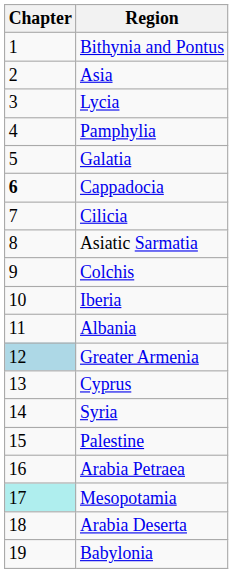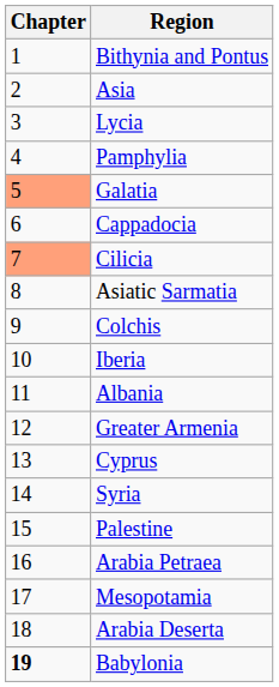 <table class="wikitable">
 <tr>
 <th>Chapter</th>
 <th>Region</th>
 </tr>
 <tr>
 <td>1</td>
 <td><a href='#'>Bithynia and Pontus</a></td>
 </tr>
 <tr>
 <td>2</td>
 <td><a href='#'>Asia</a></td>
 </tr>
 <tr>
 <td>3</td>
 <td><a href='#'>Lycia</a></td>
 </tr>
 <tr>
 <td>4</td>
 <td><a href='#'>Pamphylia</a></td>
 </tr>
 <tr>
-<td>5</td>
+<td style="background: lightsalmon;">5</td>
 <td><a href='#'>Galatia</a></td>
 </tr>
 <tr>
-<td><strong>6</strong></td>
+<td>6</td>
 <td><a href='#'>Cappadocia</a></td>
 </tr>
 <tr>
-<td>7</td>
+<td style="background: lightsalmon;">7</td>
 <td><a href='#'>Cilicia</a></td>
 </tr>
 <tr>
 <td>8</td>
 <td>Asiatic <a href='#'>Sarmatia</a></td>
 </tr>
 <tr>
 <td>9</td>
 <td><a href='#'>Colchis</a></td>
 </tr>
 <tr>
 <td>10</td>
 <td><a href='#'>Iberia</a></td>
 </tr>
 <tr>
 <td>11</td>
 <td><a href='#'>Albania</a></td>
 </tr>
 <tr>
-<td style="background: lightblue;">12</td>
+<td>12</td>
 <td><a href='#'>Greater Armenia</a></td>
 </tr>
 <tr>
 <td>13</td>
 <td><a href='#'>Cyprus</a></td>
 </tr>
 <tr>
 <td>14</td>
 <td><a href='#'>Syria</a></td>
 </tr>
 <tr>
 <td>15</td>
 <td><a href='#'>Palestine</a></td>
 </tr>
 <tr>
 <td>16</td>
 <td><a href='#'>Arabia Petraea</a></td>
 </tr>
 <tr>
-<td style="background: paleturquoise;">17</td>
+<td>17</td>
 <td><a href='#'>Mesopotamia</a></td>
 </tr>
 <tr>
 <td>18</td>
 <td><a href='#'>Arabia Deserta</a></td>
 </tr>
 <tr>
-<td>19</td>
+<td><strong>19</strong></td>
 <td><a href='#'>Babylonia</a></td>
 </tr>
 </table>
